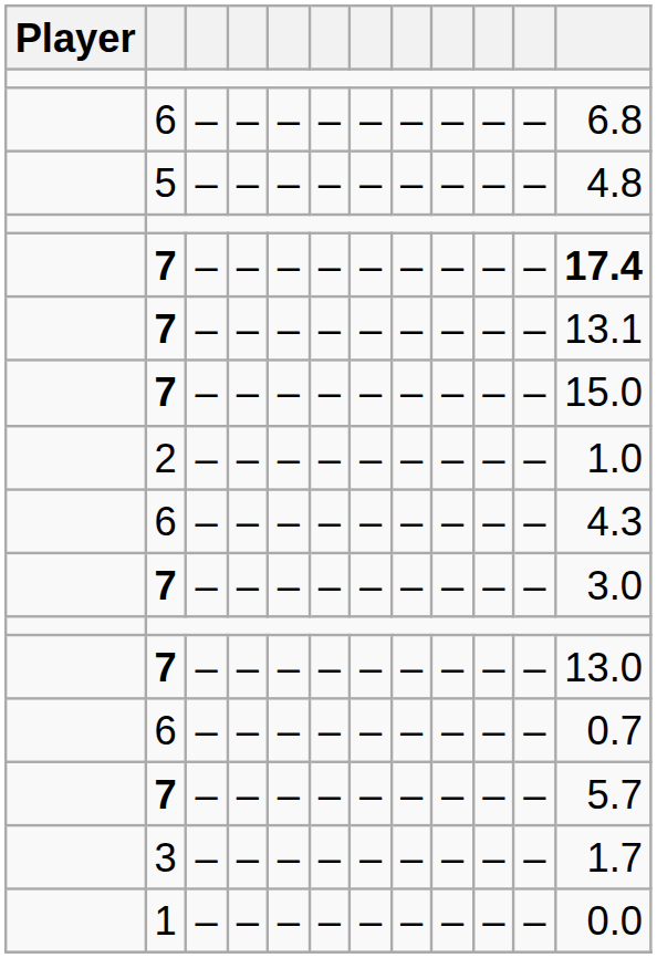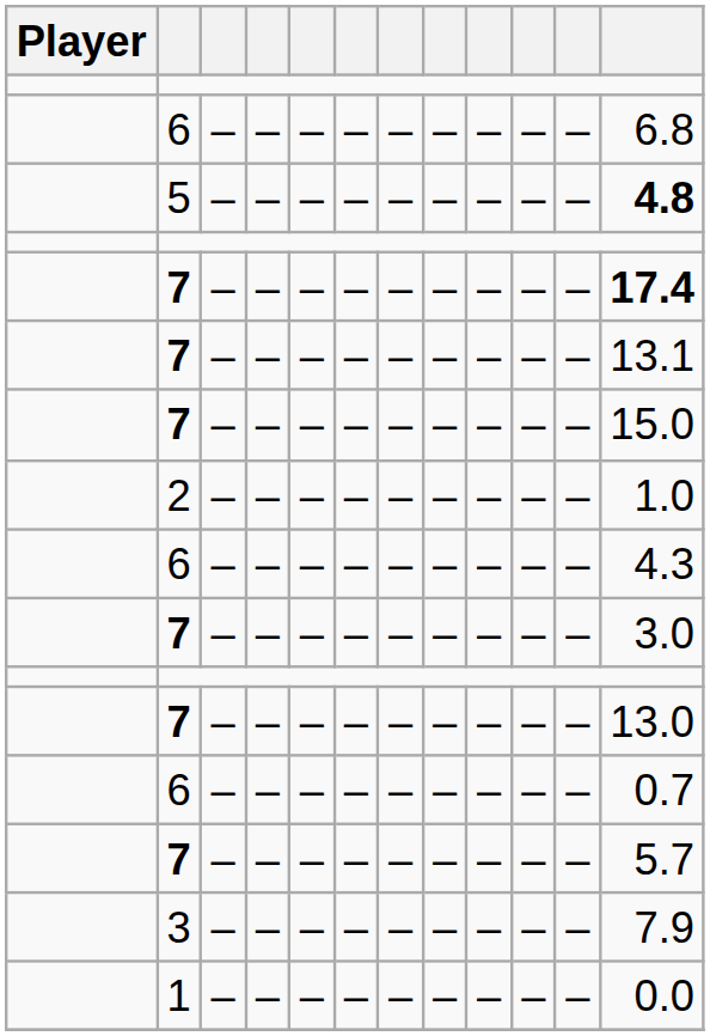 <table class="wikitable sortable" style="font-size:95%; text-align:right;">
 <tr>
 <th>Player</th>
 <th></th>
 <th></th>
 <th></th>
 <th></th>
 <th></th>
 <th></th>
 <th></th>
 <th></th>
 <th></th>
 <th></th>
 <th></th>
 </tr>
 <tr>
 <td><strong></strong></td>
 <td colspan=12></td>
 </tr>
 <tr>
 <td><strong></strong></td>
 <td>6</td>
 <td>–</td>
 <td>–</td>
 <td>–</td>
 <td>–</td>
 <td>–</td>
 <td>–</td>
 <td>–</td>
 <td>–</td>
 <td>–</td>
 <td>6.8</td>
 </tr>
 <tr>
 <td><strong></strong></td>
 <td>5</td>
 <td>–</td>
 <td>–</td>
 <td>–</td>
 <td>–</td>
 <td>–</td>
 <td>–</td>
 <td>–</td>
 <td>–</td>
 <td>–</td>
-<td>4.8</td>
+<td><strong>4.8</strong></td>
 </tr>
 <tr>
 <td><strong></strong></td>
 <td colspan=12></td>
 </tr>
 <tr>
 <td><strong></strong></td>
 <td><strong>7</strong></td>
 <td>–</td>
 <td>–</td>
 <td>–</td>
 <td>–</td>
 <td>–</td>
 <td>–</td>
 <td>–</td>
 <td>–</td>
 <td>–</td>
 <td><strong>17.4</strong></td>
 </tr>
 <tr>
 <td><strong></strong></td>
 <td><strong>7</strong></td>
 <td>–</td>
 <td>–</td>
 <td>–</td>
 <td>–</td>
 <td>–</td>
 <td>–</td>
 <td>–</td>
 <td>–</td>
 <td>–</td>
 <td>13.1</td>
 </tr>
 <tr>
 <td><strong></strong></td>
 <td><strong>7</strong></td>
 <td>–</td>
 <td>–</td>
 <td>–</td>
 <td>–</td>
 <td>–</td>
 <td>–</td>
 <td>–</td>
 <td>–</td>
 <td>–</td>
 <td>15.0</td>
 </tr>
 <tr>
 <td><strong></strong></td>
 <td>2</td>
 <td>–</td>
 <td>–</td>
 <td>–</td>
 <td>–</td>
 <td>–</td>
 <td>–</td>
 <td>–</td>
 <td>–</td>
 <td>–</td>
 <td>1.0</td>
 </tr>
 <tr>
 <td><strong></strong></td>
 <td>6</td>
 <td>–</td>
 <td>–</td>
 <td>–</td>
 <td>–</td>
 <td>–</td>
 <td>–</td>
 <td>–</td>
 <td>–</td>
 <td>–</td>
 <td>4.3</td>
 </tr>
 <tr>
 <td><strong></strong></td>
 <td><strong>7</strong></td>
 <td>–</td>
 <td>–</td>
 <td>–</td>
 <td>–</td>
 <td>–</td>
 <td>–</td>
 <td>–</td>
 <td>–</td>
 <td>–</td>
 <td>3.0</td>
 </tr>
 <tr>
 <td><strong></strong></td>
 <td colspan=12></td>
 </tr>
 <tr>
 <td><strong></strong></td>
 <td><strong>7</strong></td>
 <td>–</td>
 <td>–</td>
 <td>–</td>
 <td>–</td>
 <td>–</td>
 <td>–</td>
 <td>–</td>
 <td>–</td>
 <td>–</td>
 <td>13.0</td>
 </tr>
 <tr>
 <td><strong></strong></td>
 <td>6</td>
 <td>–</td>
 <td>–</td>
 <td>–</td>
 <td>–</td>
 <td>–</td>
 <td>–</td>
 <td>–</td>
 <td>–</td>
 <td>–</td>
 <td>0.7</td>
 </tr>
 <tr>
 <td><strong></strong></td>
 <td><strong>7</strong></td>
 <td>–</td>
 <td>–</td>
 <td>–</td>
 <td>–</td>
 <td>–</td>
 <td>–</td>
 <td>–</td>
 <td>–</td>
 <td>–</td>
 <td>5.7</td>
 </tr>
 <tr>
 <td><strong></strong></td>
 <td>3</td>
 <td>–</td>
 <td>–</td>
 <td>–</td>
 <td>–</td>
 <td>–</td>
 <td>–</td>
 <td>–</td>
 <td>–</td>
 <td>–</td>
-<td>1.7</td>
+<td>7.9</td>
 </tr>
 <tr>
 <td><strong></strong></td>
 <td>1</td>
 <td>–</td>
 <td>–</td>
 <td>–</td>
 <td>–</td>
 <td>–</td>
 <td>–</td>
 <td>–</td>
 <td>–</td>
 <td>–</td>
 <td>0.0</td>
 </tr>
 <tr class="sortbottom">
 </tr>
 </table>
